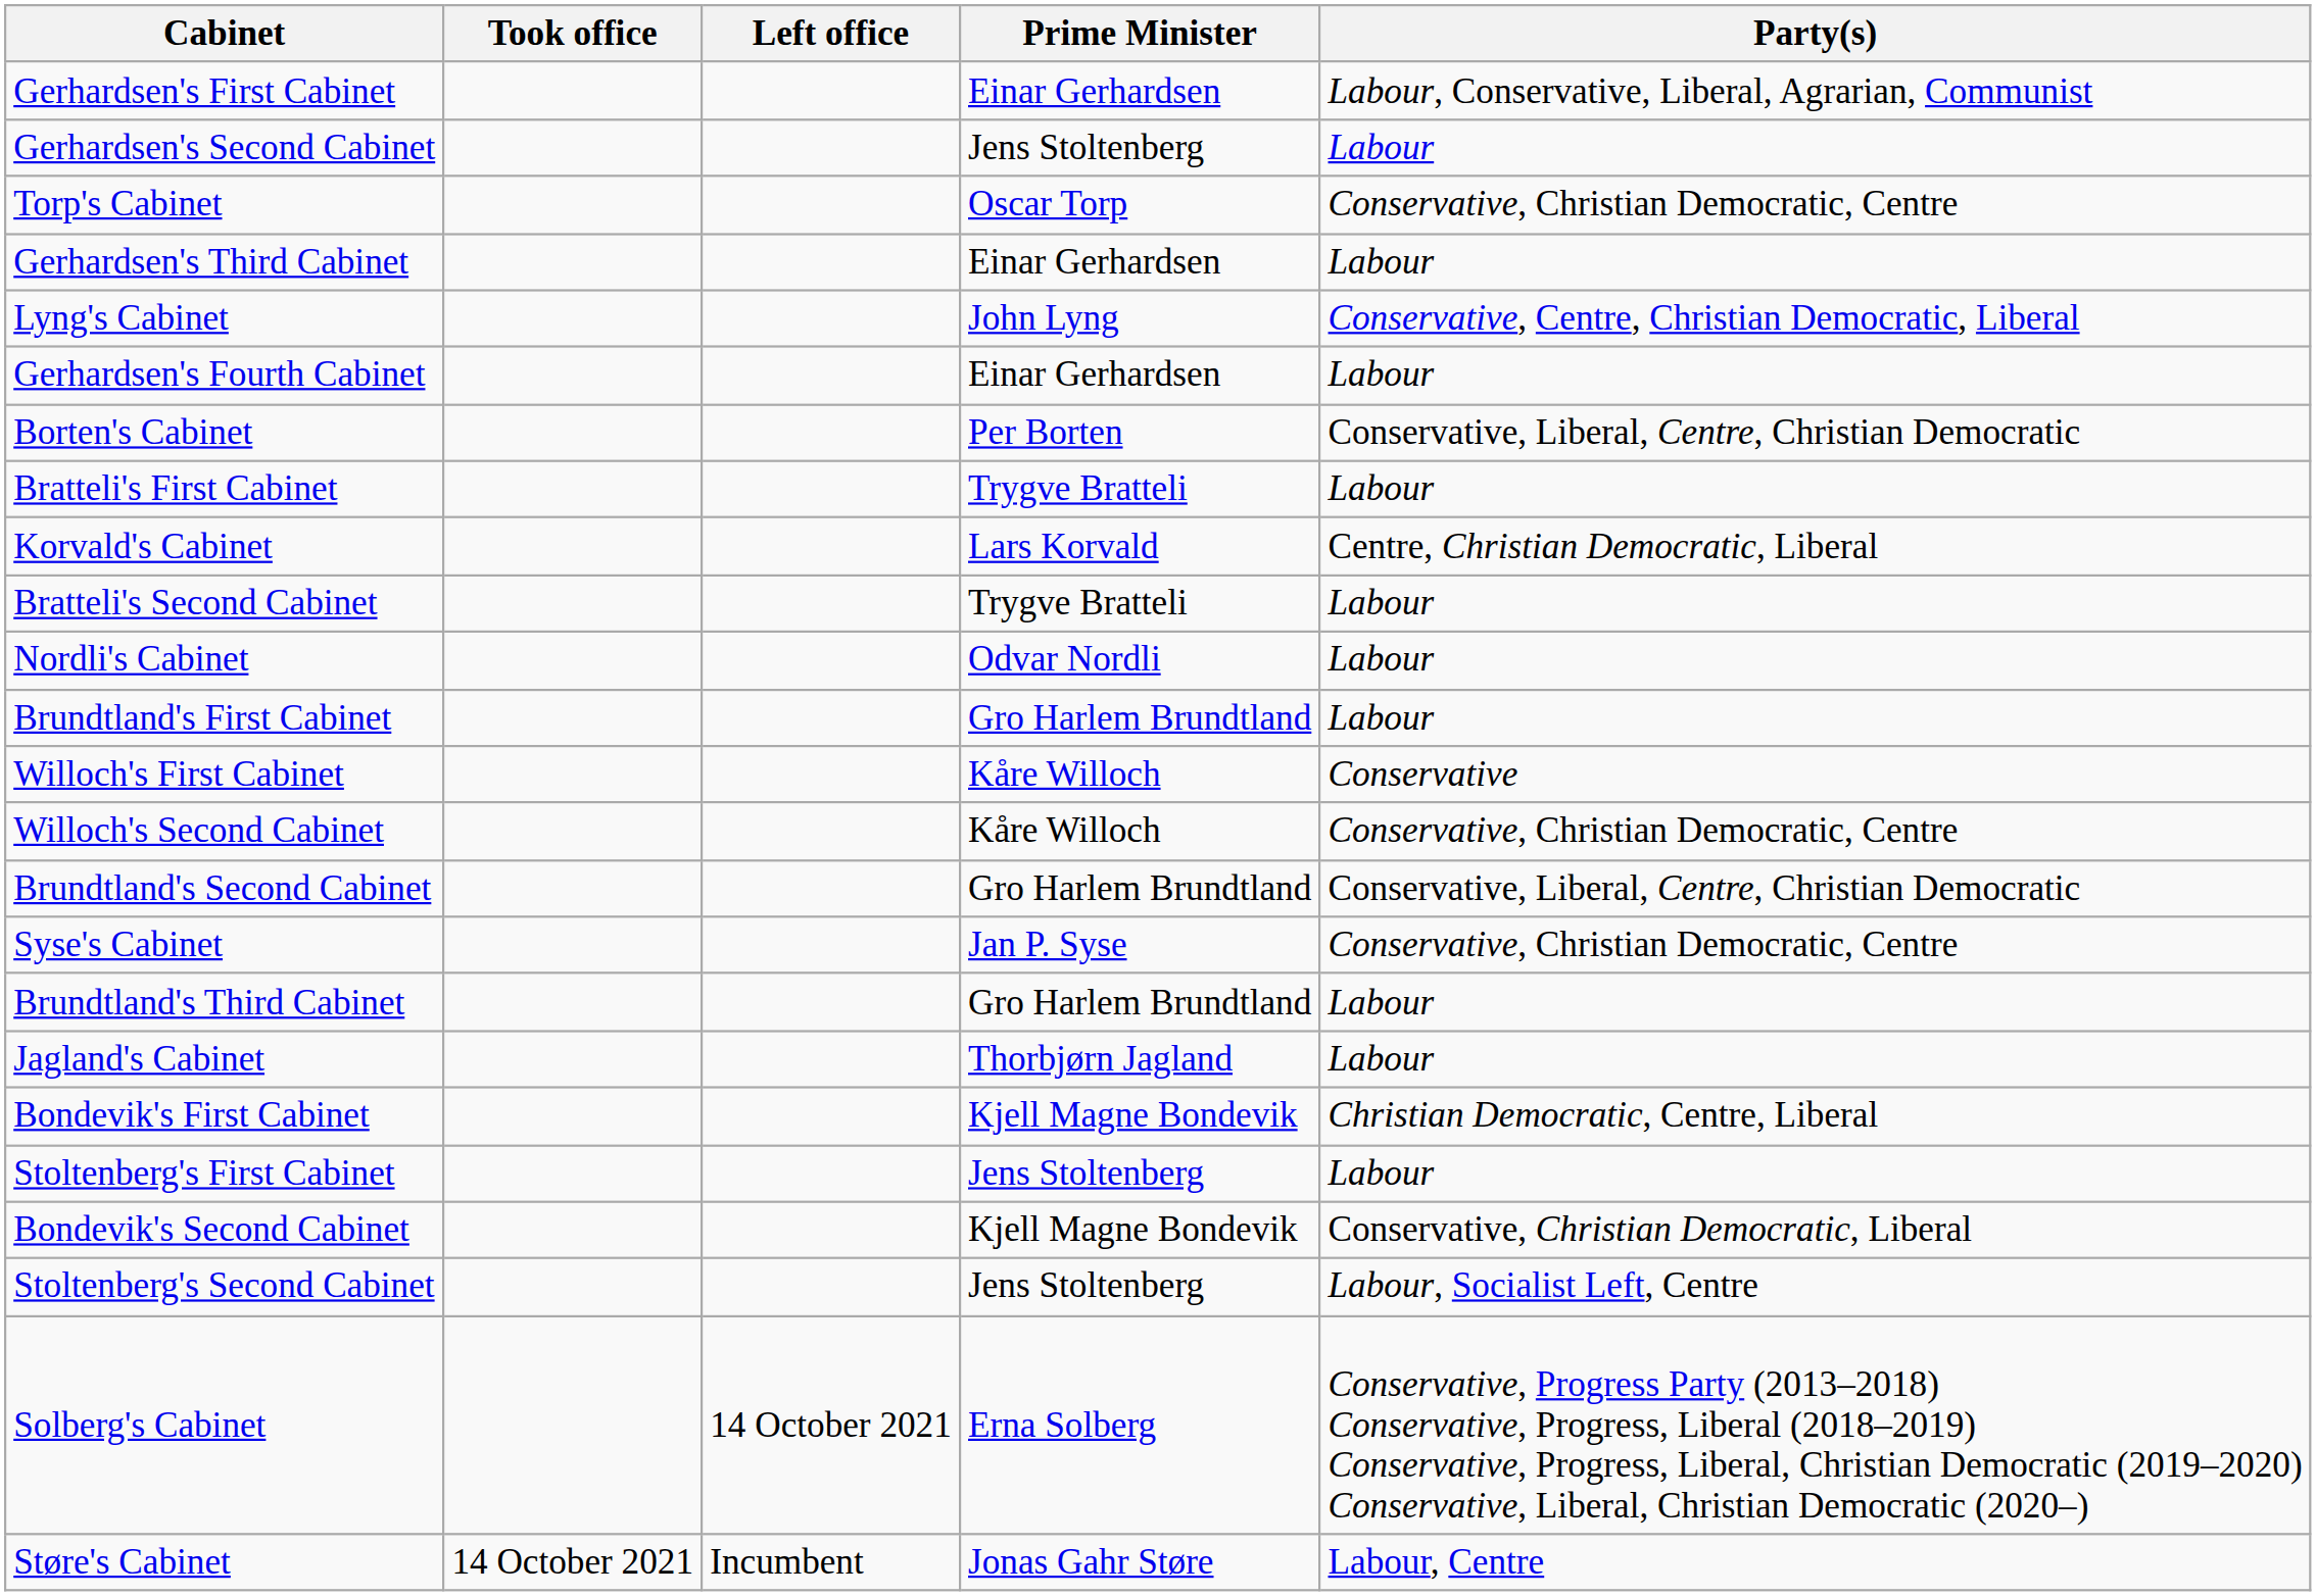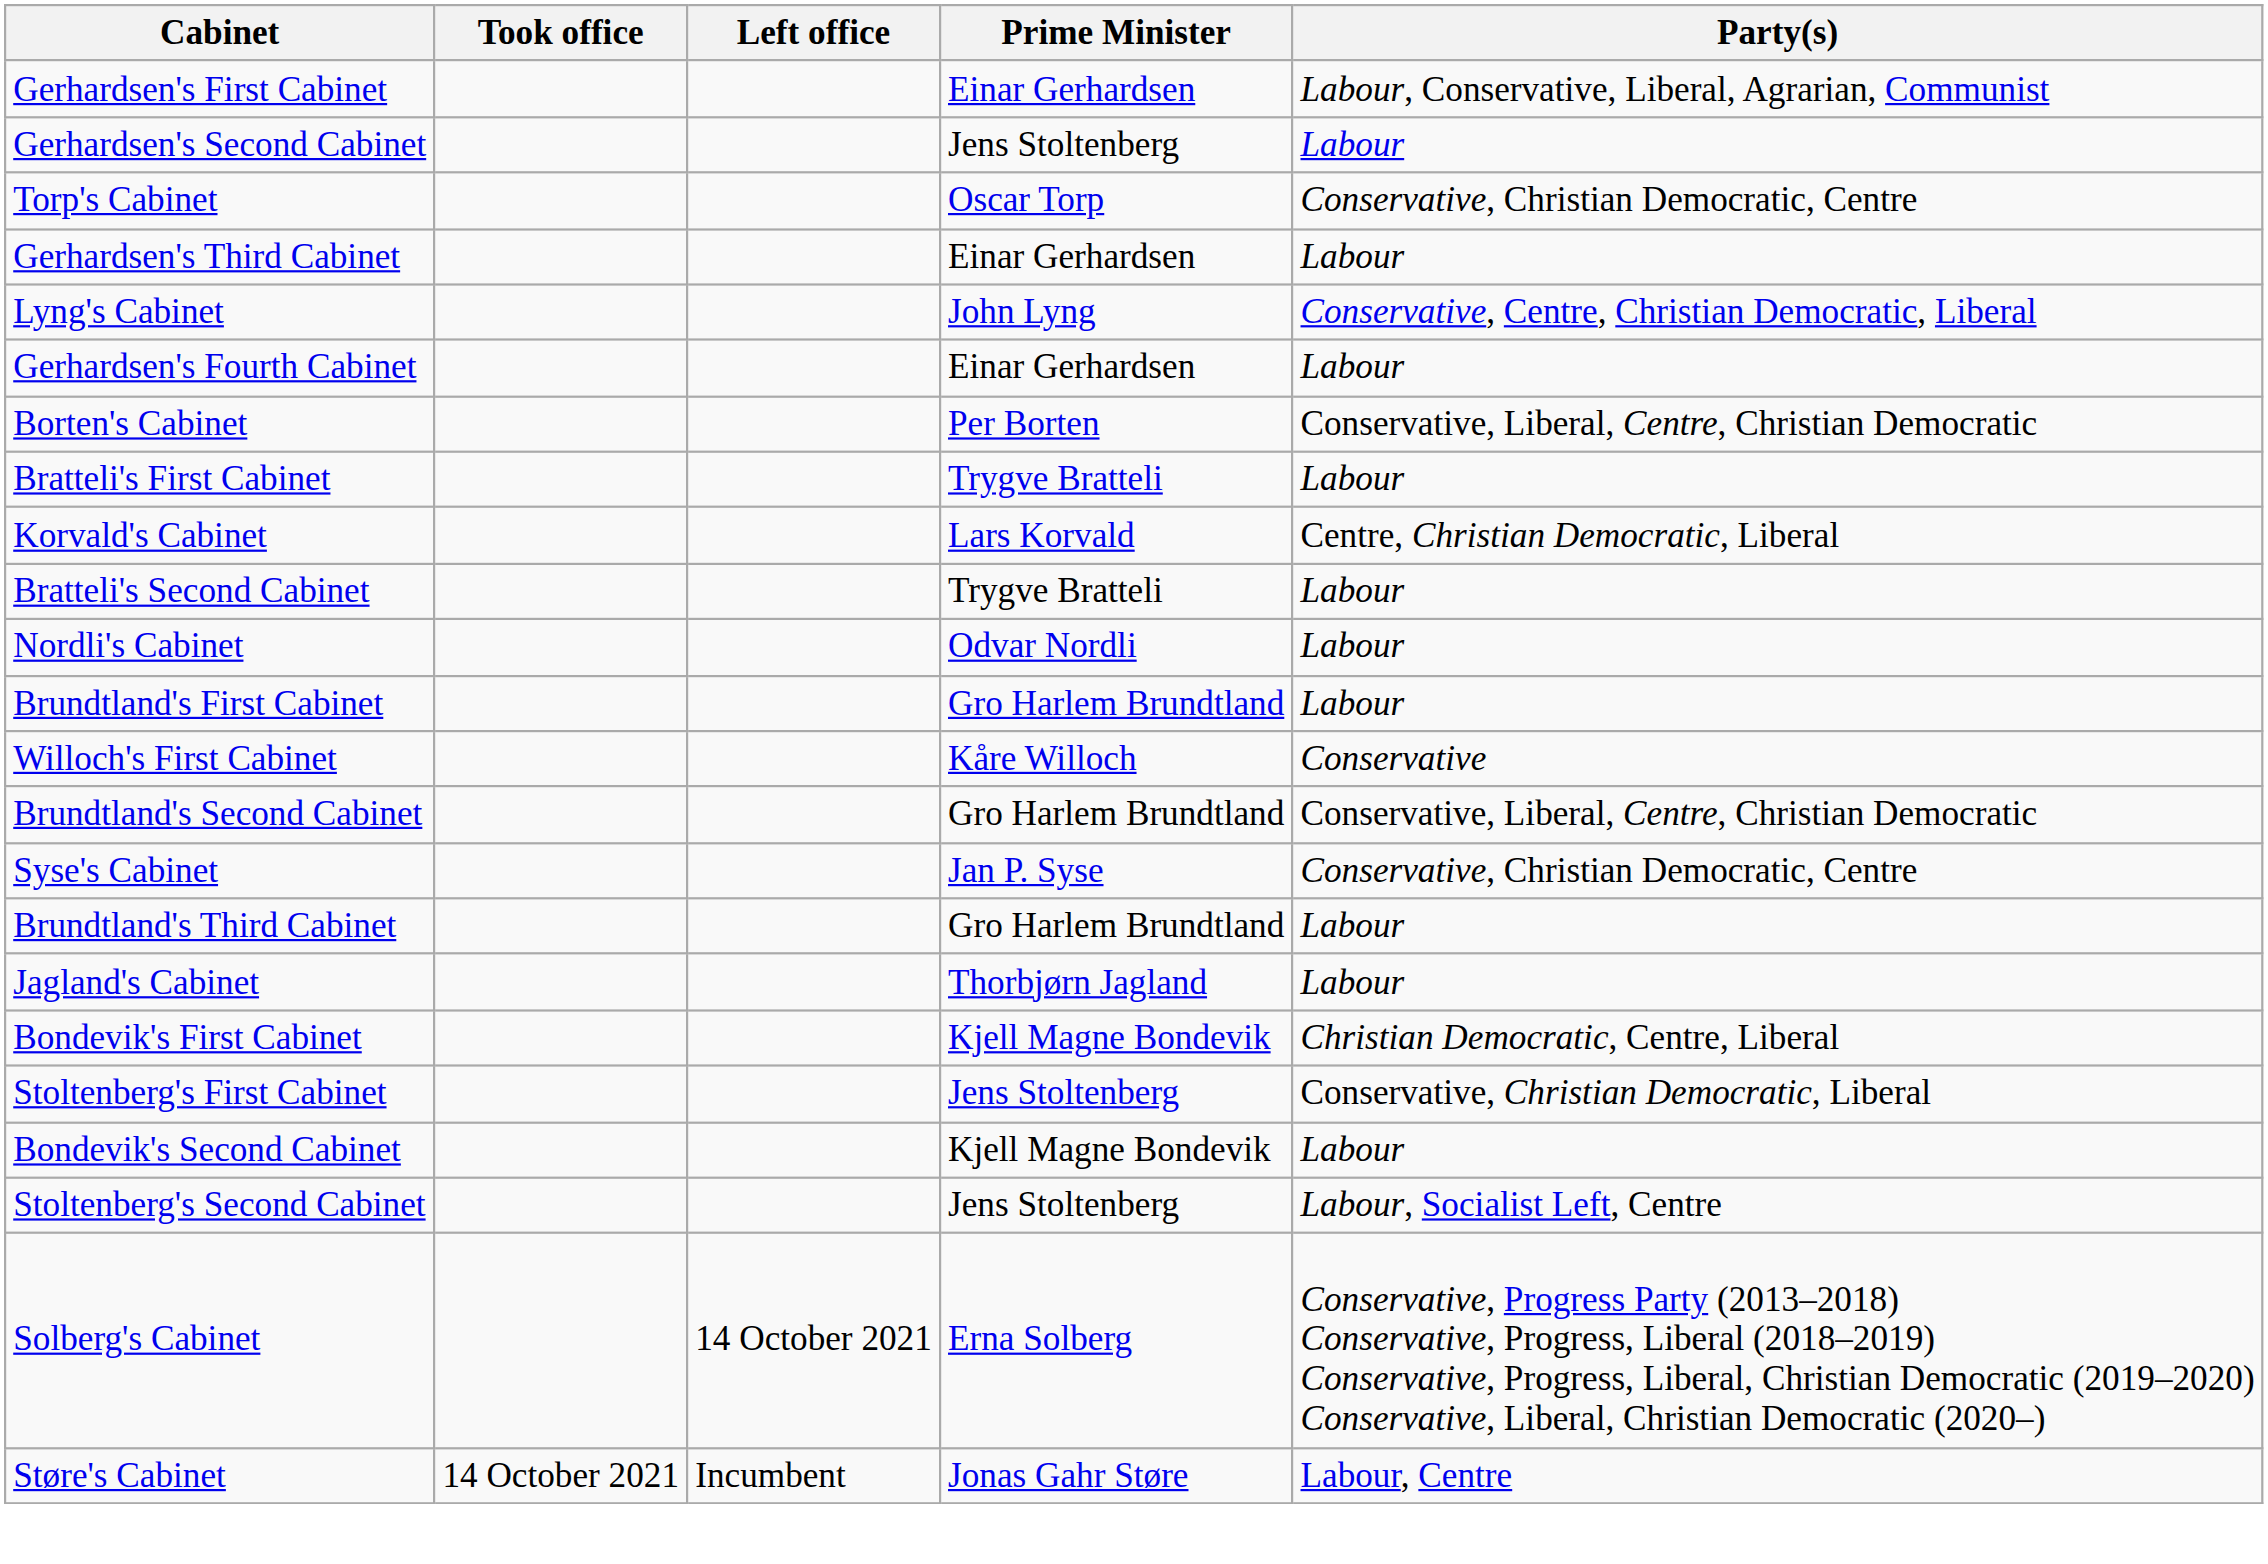 <table class=wikitable>
 <tr align="left">
 <th>Cabinet</th>
 <th>Took office</th>
 <th>Left office</th>
 <th>Prime Minister</th>
 <th>Party(s)</th>
 </tr>
 <tr>
 <td><a href='#'>Gerhardsen's First Cabinet</a></td>
 <td></td>
 <td></td>
 <td><a href='#'>Einar Gerhardsen</a></td>
 <td><em>Labour</em>, Conservative, Liberal, Agrarian, <a href='#'>Communist</a></td>
 </tr>
 <tr>
 <td><a href='#'>Gerhardsen's Second Cabinet</a></td>
 <td></td>
 <td></td>
 <td>Jens Stoltenberg</td>
 <td><em><a href='#'>Labour</a></em></td>
 </tr>
 <tr>
 <td><a href='#'>Torp's Cabinet</a></td>
 <td></td>
 <td></td>
 <td><a href='#'>Oscar Torp</a></td>
 <td><em>Conservative</em>, Christian Democratic, Centre</td>
 </tr>
 <tr>
 <td><a href='#'>Gerhardsen's Third Cabinet</a></td>
 <td></td>
 <td></td>
 <td>Einar Gerhardsen</td>
 <td><em>Labour</em></td>
 </tr>
 <tr>
 <td><a href='#'>Lyng's Cabinet</a></td>
 <td></td>
 <td></td>
 <td><a href='#'>John Lyng</a></td>
 <td><a href='#'><em>Conservative</em></a>, <a href='#'>Centre</a>, <a href='#'>Christian Democratic</a>, <a href='#'>Liberal</a></td>
 </tr>
 <tr>
 <td><a href='#'>Gerhardsen's Fourth Cabinet</a></td>
 <td></td>
 <td></td>
 <td>Einar Gerhardsen</td>
 <td><em>Labour</em></td>
 </tr>
 <tr>
 <td><a href='#'>Borten's Cabinet</a></td>
 <td></td>
 <td></td>
 <td><a href='#'>Per Borten</a></td>
 <td>Conservative, Liberal, <em>Centre</em>, Christian Democratic</td>
 </tr>
 <tr>
 <td><a href='#'>Bratteli's First Cabinet</a></td>
 <td></td>
 <td></td>
 <td><a href='#'>Trygve Bratteli</a></td>
 <td><em>Labour</em></td>
 </tr>
 <tr>
 <td><a href='#'>Korvald's Cabinet</a></td>
 <td></td>
 <td></td>
 <td><a href='#'>Lars Korvald</a></td>
 <td>Centre, <em>Christian Democratic</em>, Liberal</td>
 </tr>
 <tr>
 <td><a href='#'>Bratteli's Second Cabinet</a></td>
 <td></td>
 <td></td>
 <td>Trygve Bratteli</td>
 <td><em>Labour</em></td>
 </tr>
 <tr>
 <td><a href='#'>Nordli's Cabinet</a></td>
 <td></td>
 <td></td>
 <td><a href='#'>Odvar Nordli</a></td>
 <td><em>Labour</em></td>
 </tr>
 <tr>
 <td><a href='#'>Brundtland's First Cabinet</a></td>
 <td></td>
 <td></td>
 <td><a href='#'>Gro Harlem Brundtland</a></td>
 <td><em>Labour</em></td>
 </tr>
 <tr>
 <td><a href='#'>Willoch's First Cabinet</a></td>
 <td></td>
 <td></td>
 <td><a href='#'>Kåre Willoch</a></td>
 <td><em>Conservative</em></td>
 </tr>
 <tr>
-<td><a href='#'>Willoch's Second Cabinet</a></td>
-<td></td>
-<td></td>
-<td>Kåre Willoch</td>
-<td><em>Conservative</em>, Christian Democratic, Centre</td>
-</tr>
-<tr>
 <td><a href='#'>Brundtland's Second Cabinet</a></td>
 <td></td>
 <td></td>
 <td>Gro Harlem Brundtland</td>
 <td>Conservative, Liberal, <em>Centre</em>, Christian Democratic</td>
 </tr>
 <tr>
 <td><a href='#'>Syse's Cabinet</a></td>
 <td></td>
 <td></td>
 <td><a href='#'>Jan P. Syse</a></td>
 <td><em>Conservative</em>, Christian Democratic, Centre</td>
 </tr>
 <tr>
 <td><a href='#'>Brundtland's Third Cabinet</a></td>
 <td></td>
 <td></td>
 <td>Gro Harlem Brundtland</td>
 <td><em>Labour</em></td>
 </tr>
 <tr>
 <td><a href='#'>Jagland's Cabinet</a></td>
 <td></td>
 <td></td>
 <td><a href='#'>Thorbjørn Jagland</a></td>
 <td><em>Labour</em></td>
 </tr>
 <tr>
 <td><a href='#'>Bondevik's First Cabinet</a></td>
 <td></td>
 <td></td>
 <td><a href='#'>Kjell Magne Bondevik</a></td>
 <td><em>Christian Democratic</em>, Centre, Liberal</td>
 </tr>
 <tr>
 <td><a href='#'>Stoltenberg's First Cabinet</a></td>
 <td></td>
 <td></td>
 <td><a href='#'>Jens Stoltenberg</a></td>
-<td><em>Labour</em></td>
+<td>Conservative, <em>Christian Democratic</em>, Liberal</td>
 </tr>
 <tr>
 <td><a href='#'>Bondevik's Second Cabinet</a></td>
 <td></td>
 <td></td>
 <td>Kjell Magne Bondevik</td>
-<td>Conservative, <em>Christian Democratic</em>, Liberal</td>
+<td><em>Labour</em></td>
 </tr>
 <tr>
 <td><a href='#'>Stoltenberg's Second Cabinet</a></td>
 <td></td>
 <td></td>
 <td>Jens Stoltenberg</td>
 <td><em>Labour</em>, <a href='#'>Socialist Left</a>, Centre</td>
 </tr>
 <tr>
 <td><a href='#'>Solberg's  Cabinet</a></td>
 <td></td>
 <td>14 October 2021</td>
 <td><a href='#'>Erna Solberg</a></td>
 <td><br><em>Conservative</em>, <a href='#'>Progress Party</a> (2013–2018) <br> <em>Conservative</em>, Progress, Liberal (2018–2019) <br> <em>Conservative</em>, Progress, Liberal, Christian Democratic (2019–2020) <br> <em>Conservative</em>, Liberal, Christian Democratic (2020–)</td>
 </tr>
 <tr>
 <td><a href='#'>Støre's Cabinet</a></td>
 <td>14 October 2021</td>
 <td>Incumbent</td>
 <td><a href='#'>Jonas Gahr Støre</a></td>
 <td><a href='#'>Labour</a>, <a href='#'>Centre</a></td>
 </tr>
 </table>
